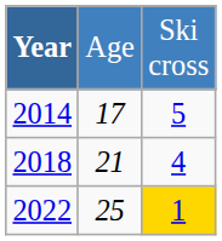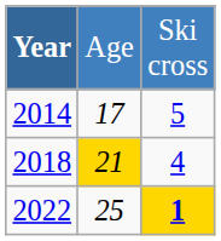 <table class="wikitable" style="font-size:95%; text-align:center; border:grey solid 1px; border-collapse:collapse;" width="15%">
 <tr style="background-color:#369; color:white;">
 <td rowspan="2" colspan="1" width="4%"><strong>Year</strong></td>
 </tr>
 <tr style="background-color:#4180be; color:white;">
 <td width="3%">Age</td>
 <td width="8%">Ski cross</td>
 </tr>
 <tr style="background-color:#8CB2D8; color:white;">
 </tr>
 <tr>
 <td><a href='#'>2014</a></td>
 <td><em>17</em></td>
 <td><a href='#'>5</a></td>
 </tr>
 <tr>
 <td><a href='#'>2018</a></td>
-<td><em>21</em></td>
+<td style="background: gold;"><em>21</em></td>
 <td><a href='#'>4</a></td>
 </tr>
 <tr>
 <td><a href='#'>2022</a></td>
 <td><em>25</em></td>
-<td style="background:gold;"><a href='#'>1</a></td>
+<td style="background:gold;"><strong><a href='#'>1</a></strong></td>
 </tr>
 </table>
